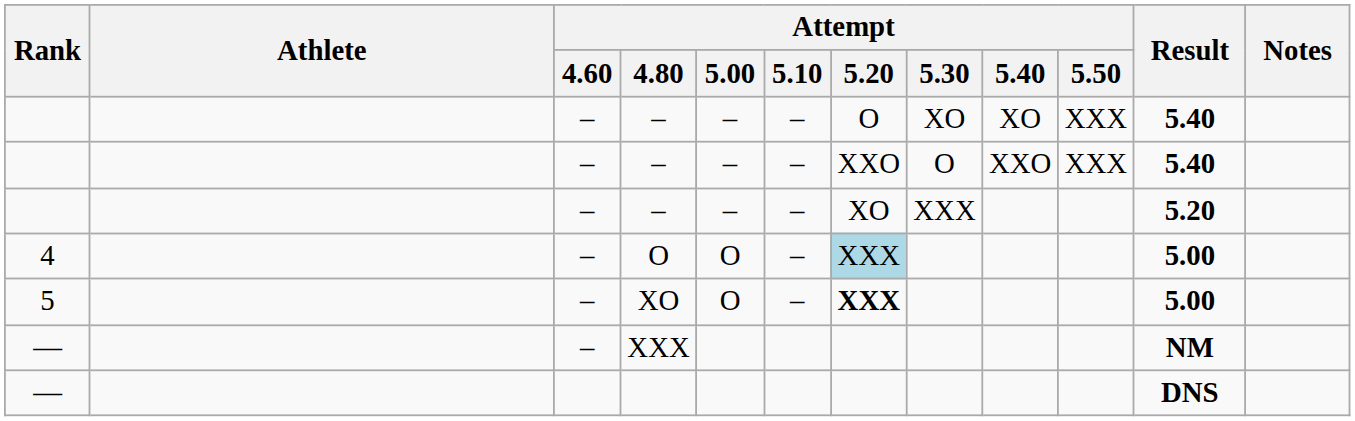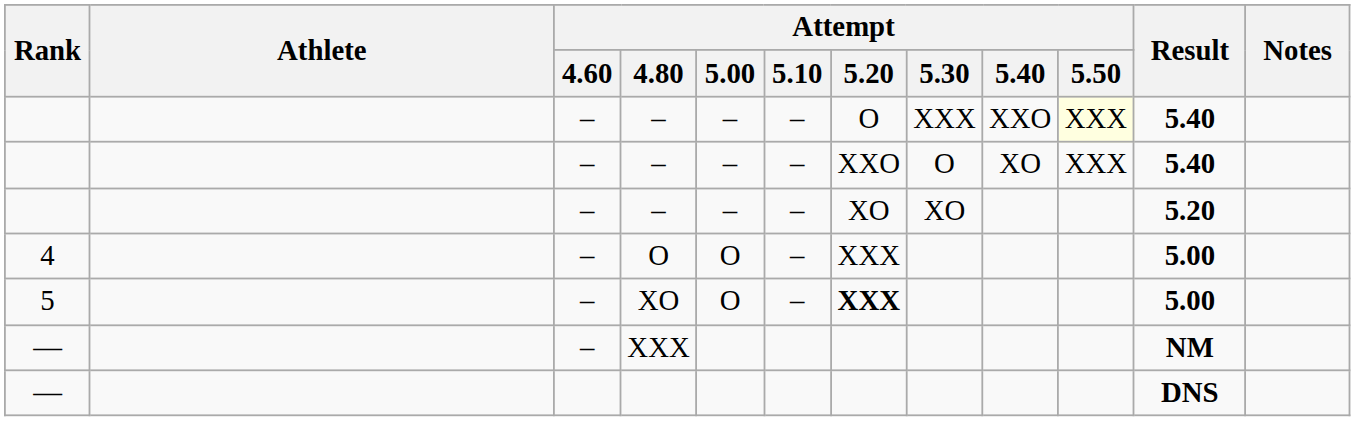 <table class="wikitable" style="text-align:center">
 <tr>
 <th rowspan=2 width=40>Rank</th>
 <th rowspan=2 width=250>Athlete</th>
 <th colspan=8>Attempt</th>
 <th rowspan=2 width=55>Result</th>
 <th rowspan=2 width=50>Notes</th>
 </tr>
 <tr>
 <th width=30>4.60</th>
 <th width=30>4.80</th>
 <th width=30>5.00</th>
 <th width=30>5.10</th>
 <th width=30>5.20</th>
 <th width=30>5.30</th>
 <th width=30>5.40</th>
 <th width=30>5.50</th>
 </tr>
 <tr>
 <td></td>
 <td align=left></td>
 <td>–</td>
 <td>–</td>
 <td>–</td>
 <td>–</td>
 <td>O</td>
-<td>XO</td>
+<td>XXX</td>
+<td>XXO</td>
+<td style="background: lightyellow;">XXX</td>
+<td><strong>5.40</strong></td>
+<td></td>
+</tr>
+<tr>
+<td></td>
+<td align=left></td>
+<td>–</td>
+<td>–</td>
+<td>–</td>
+<td>–</td>
+<td>XXO</td>
+<td>O</td>
 <td>XO</td>
 <td>XXX</td>
 <td><strong>5.40</strong></td>
 <td></td>
 </tr>
 <tr>
 <td></td>
 <td align=left></td>
 <td>–</td>
 <td>–</td>
 <td>–</td>
 <td>–</td>
-<td>XXO</td>
-<td>O</td>
-<td>XXO</td>
-<td>XXX</td>
-<td><strong>5.40</strong></td>
-<td></td>
-</tr>
-<tr>
-<td></td>
-<td align=left></td>
-<td>–</td>
-<td>–</td>
-<td>–</td>
-<td>–</td>
 <td>XO</td>
-<td>XXX</td>
+<td>XO</td>
 <td></td>
 <td></td>
 <td><strong>5.20</strong></td>
 <td></td>
 </tr>
 <tr>
 <td>4</td>
 <td align=left></td>
 <td>–</td>
 <td>O</td>
 <td>O</td>
 <td>–</td>
-<td style="background: lightblue;">XXX</td>
+<td>XXX</td>
 <td></td>
 <td></td>
 <td></td>
 <td><strong>5.00</strong></td>
 <td></td>
 </tr>
 <tr>
 <td>5</td>
 <td align=left></td>
 <td>–</td>
 <td>XO</td>
 <td>O</td>
 <td>–</td>
 <td><strong>XXX</strong></td>
 <td></td>
 <td></td>
 <td></td>
 <td><strong>5.00</strong></td>
 <td></td>
 </tr>
 <tr>
 <td>—</td>
 <td align=left></td>
 <td>–</td>
 <td>XXX</td>
 <td></td>
 <td></td>
 <td></td>
 <td></td>
 <td></td>
 <td></td>
 <td><strong>NM</strong></td>
 <td></td>
 </tr>
 <tr>
 <td>—</td>
 <td align=left></td>
 <td></td>
 <td></td>
 <td></td>
 <td></td>
 <td></td>
 <td></td>
 <td></td>
 <td></td>
 <td><strong>DNS</strong></td>
 <td></td>
 </tr>
 </table>
